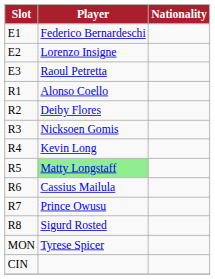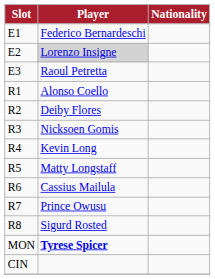 <table class="wikitable" style="text-align:left; margin-left:1em; font-size:90%;">
 <tr>
 <th style="background:#AB1E2D; color:white; text-align:center;">Slot</th>
 <th style="background:#AB1E2D; color:white; text-align:center;">Player</th>
 <th style="background:#AB1E2D; color:white; text-align:center;">Nationality</th>
 </tr>
 <tr>
 <td>E1</td>
 <td><a href='#'>Federico Bernardeschi</a></td>
 <td></td>
 </tr>
 <tr>
 <td>E2</td>
-<td><a href='#'>Lorenzo Insigne</a></td>
+<td style="background: lightgrey;"><a href='#'>Lorenzo Insigne</a></td>
 <td></td>
 </tr>
 <tr>
 <td>E3</td>
 <td><a href='#'>Raoul Petretta</a></td>
 <td></td>
 </tr>
 <tr>
 <td>R1</td>
 <td><a href='#'>Alonso Coello</a></td>
 <td></td>
 </tr>
 <tr>
 <td>R2</td>
 <td><a href='#'>Deiby Flores</a></td>
 <td></td>
 </tr>
 <tr>
 <td>R3</td>
 <td><a href='#'>Nicksoen Gomis</a></td>
 <td></td>
 </tr>
 <tr>
 <td>R4</td>
 <td><a href='#'>Kevin Long</a></td>
 <td></td>
 </tr>
 <tr>
 <td>R5</td>
-<td style="background: lightgreen;"><a href='#'>Matty Longstaff</a></td>
+<td><a href='#'>Matty Longstaff</a></td>
 <td></td>
 </tr>
 <tr>
 <td>R6</td>
 <td><a href='#'>Cassius Mailula</a></td>
 <td></td>
 </tr>
 <tr>
 <td>R7</td>
 <td><a href='#'>Prince Owusu</a></td>
 <td></td>
 </tr>
 <tr>
 <td>R8</td>
 <td><a href='#'>Sigurd Rosted</a></td>
 <td></td>
 </tr>
 <tr>
 <td>MON</td>
-<td><a href='#'>Tyrese Spicer</a></td>
+<td><strong><a href='#'>Tyrese Spicer</a></strong></td>
 <td></td>
 </tr>
 <tr>
 <td>CIN</td>
 <td></td>
 <td></td>
 </tr>
 <tr>
 </tr>
 </table>
